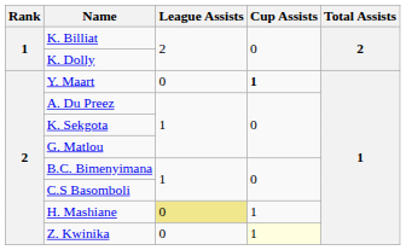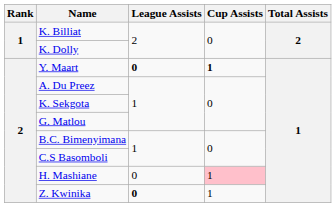 <table class="wikitable">
 <tr>
 <th>Rank</th>
 <th>Name</th>
 <th>League Assists</th>
 <th>Cup Assists</th>
 <th>Total Assists</th>
 </tr>
 <tr>
 <th rowspan="2">1</th>
 <td><a href='#'>K. Billiat</a></td>
 <td rowspan="2">2</td>
 <td rowspan="2">0</td>
 <th rowspan="2">2</th>
 </tr>
 <tr>
 <td><a href='#'>K. Dolly</a></td>
 </tr>
 <tr>
 <th rowspan="8">2</th>
 <td><a href='#'>Y. Maart</a></td>
-<td>0</td>
+<td><strong>0</strong></td>
 <td><strong>1</strong></td>
 <th rowspan="8">1</th>
 </tr>
 <tr>
 <td><a href='#'>A. Du Preez</a></td>
 <td rowspan="3">1</td>
 <td rowspan="3">0</td>
 </tr>
 <tr>
 <td><a href='#'>K. Sekgota</a></td>
 </tr>
 <tr>
 <td><a href='#'>G. Matlou</a></td>
 </tr>
 <tr>
 <td><a href='#'>B.C. Bimenyimana</a></td>
 <td rowspan="2">1</td>
 <td rowspan="2">0</td>
 </tr>
 <tr>
 <td><a href='#'>C.S Basomboli</a></td>
 </tr>
 <tr>
 <td><a href='#'>H. Mashiane</a></td>
-<td style="background: khaki;">0</td>
-<td>1</td>
+<td>0</td>
+<td style="background: pink;">1</td>
 </tr>
 <tr>
 <td><a href='#'>Z. Kwinika</a></td>
-<td>0</td>
-<td style="background: lightyellow;">1</td>
+<td><strong>0</strong></td>
+<td>1</td>
 </tr>
 </table>
